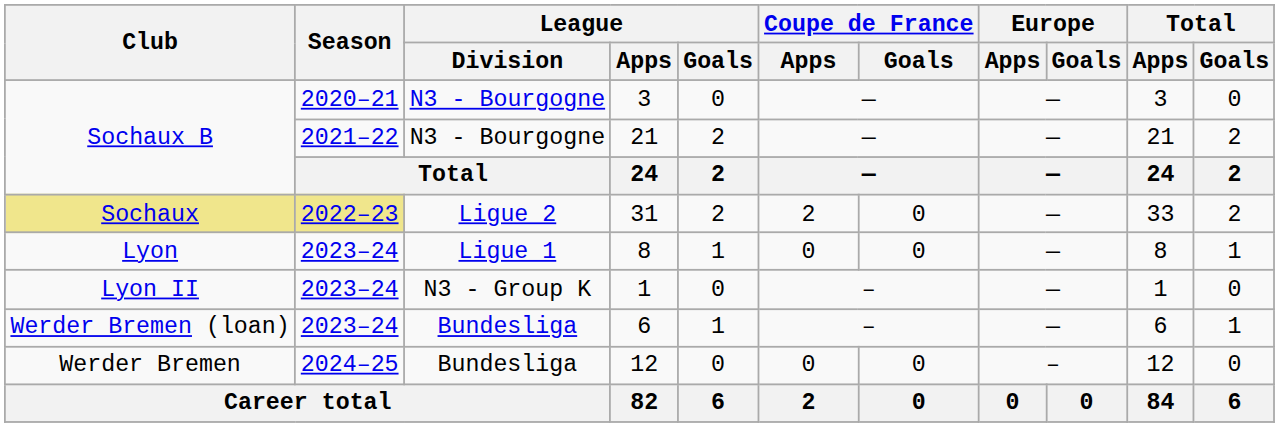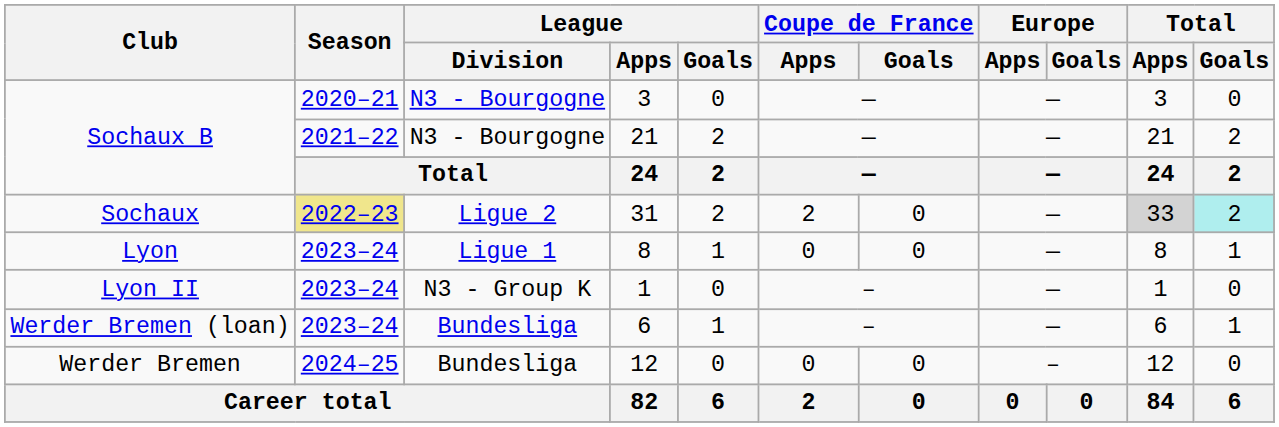 <table class="wikitable" style="text-align:center">
 <tr>
 <th rowspan="2">Club</th>
 <th rowspan="2">Season</th>
 <th colspan="3">League</th>
 <th colspan="2"><a href='#'>Coupe de France</a></th>
 <th colspan="2">Europe</th>
 <th colspan="2">Total</th>
 </tr>
 <tr>
 <th>Division</th>
 <th>Apps</th>
 <th>Goals</th>
 <th>Apps</th>
 <th>Goals</th>
 <th>Apps</th>
 <th>Goals</th>
 <th>Apps</th>
 <th>Goals</th>
 </tr>
 <tr>
 <td rowspan="3"><a href='#'>Sochaux B</a></td>
 <td><a href='#'>2020–21</a></td>
 <td><a href='#'>N3 - Bourgogne</a></td>
 <td>3</td>
 <td>0</td>
 <td colspan="2">—</td>
 <td colspan="2">—</td>
 <td>3</td>
 <td>0</td>
 </tr>
 <tr>
 <td><a href='#'>2021–22</a></td>
 <td>N3 - Bourgogne</td>
 <td>21</td>
 <td>2</td>
 <td colspan="2">—</td>
 <td colspan="2">—</td>
 <td>21</td>
 <td>2</td>
 </tr>
 <tr>
 <th colspan="2">Total</th>
 <th>24</th>
 <th>2</th>
 <th colspan="2">—</th>
 <th colspan="2">—</th>
 <th>24</th>
 <th>2</th>
 </tr>
 <tr>
-<td style="background: khaki;"><a href='#'>Sochaux</a></td>
+<td><a href='#'>Sochaux</a></td>
 <td style="background: khaki;"><a href='#'>2022–23</a></td>
 <td><a href='#'>Ligue 2</a></td>
 <td>31</td>
 <td>2</td>
 <td>2</td>
 <td>0</td>
 <td colspan="2">—</td>
-<td>33</td>
-<td>2</td>
+<td style="background: lightgrey;">33</td>
+<td style="background: paleturquoise;">2</td>
 </tr>
 <tr>
 <td><a href='#'>Lyon</a></td>
 <td><a href='#'>2023–24</a></td>
 <td><a href='#'>Ligue 1</a></td>
 <td>8</td>
 <td>1</td>
 <td>0</td>
 <td>0</td>
 <td colspan="2">—</td>
 <td>8</td>
 <td>1</td>
 </tr>
 <tr>
 <td><a href='#'>Lyon II</a></td>
 <td><a href='#'>2023–24</a></td>
 <td>N3 - Group K</td>
 <td>1</td>
 <td>0</td>
 <td colspan="2">–</td>
 <td colspan="2">—</td>
 <td>1</td>
 <td>0</td>
 </tr>
 <tr>
 <td><a href='#'>Werder Bremen</a> (loan)</td>
 <td><a href='#'>2023–24</a></td>
 <td><a href='#'>Bundesliga</a></td>
 <td>6</td>
 <td>1</td>
 <td colspan="2">–</td>
 <td colspan="2">—</td>
 <td>6</td>
 <td>1</td>
 </tr>
 <tr>
 <td>Werder Bremen</td>
 <td><a href='#'>2024–25</a></td>
 <td>Bundesliga</td>
 <td>12</td>
 <td>0</td>
 <td>0</td>
 <td>0</td>
 <td colspan="2">–</td>
 <td>12</td>
 <td>0</td>
 </tr>
 <tr>
 <th colspan="3">Career total</th>
 <th>82</th>
 <th>6</th>
 <th>2</th>
 <th>0</th>
 <th>0</th>
 <th>0</th>
 <th>84</th>
 <th>6</th>
 </tr>
 </table>
